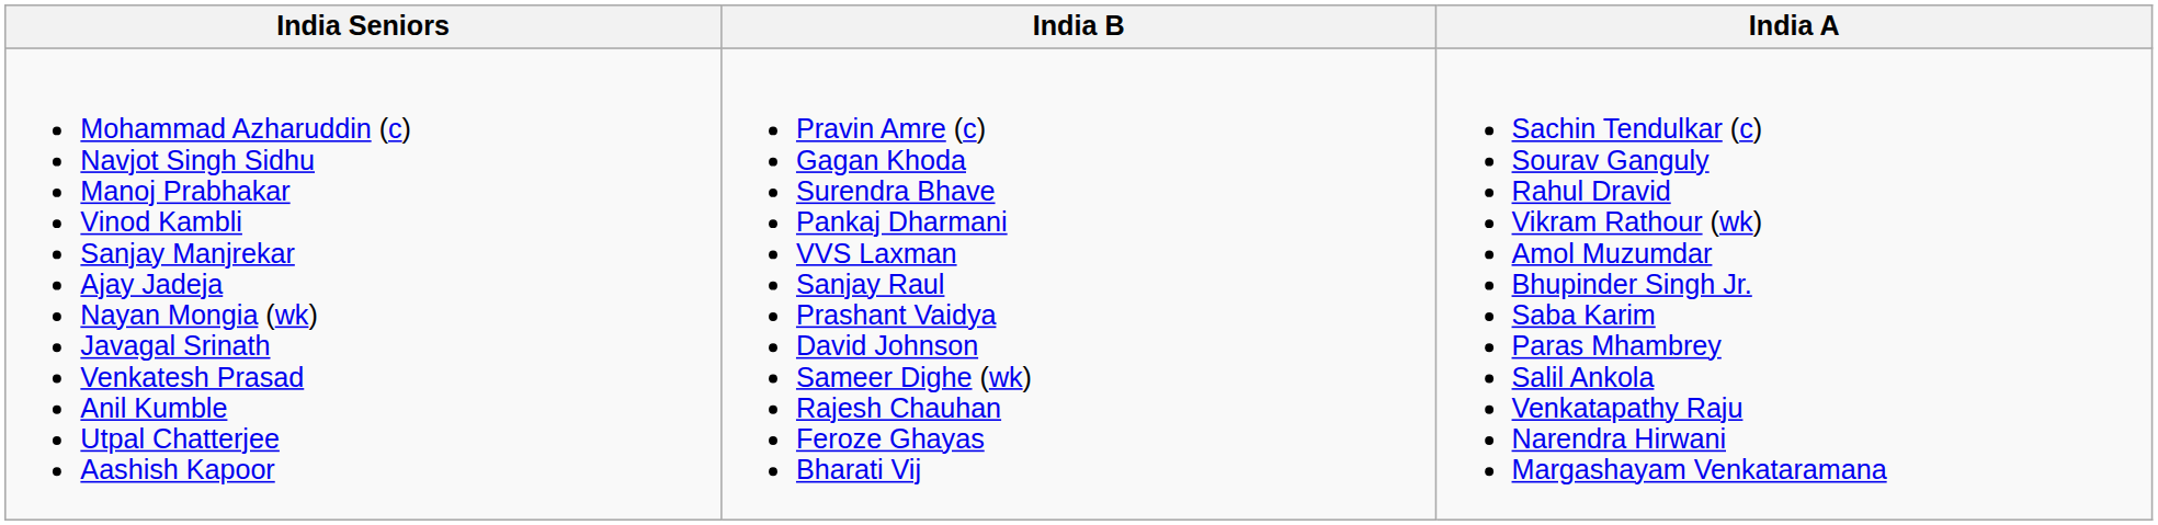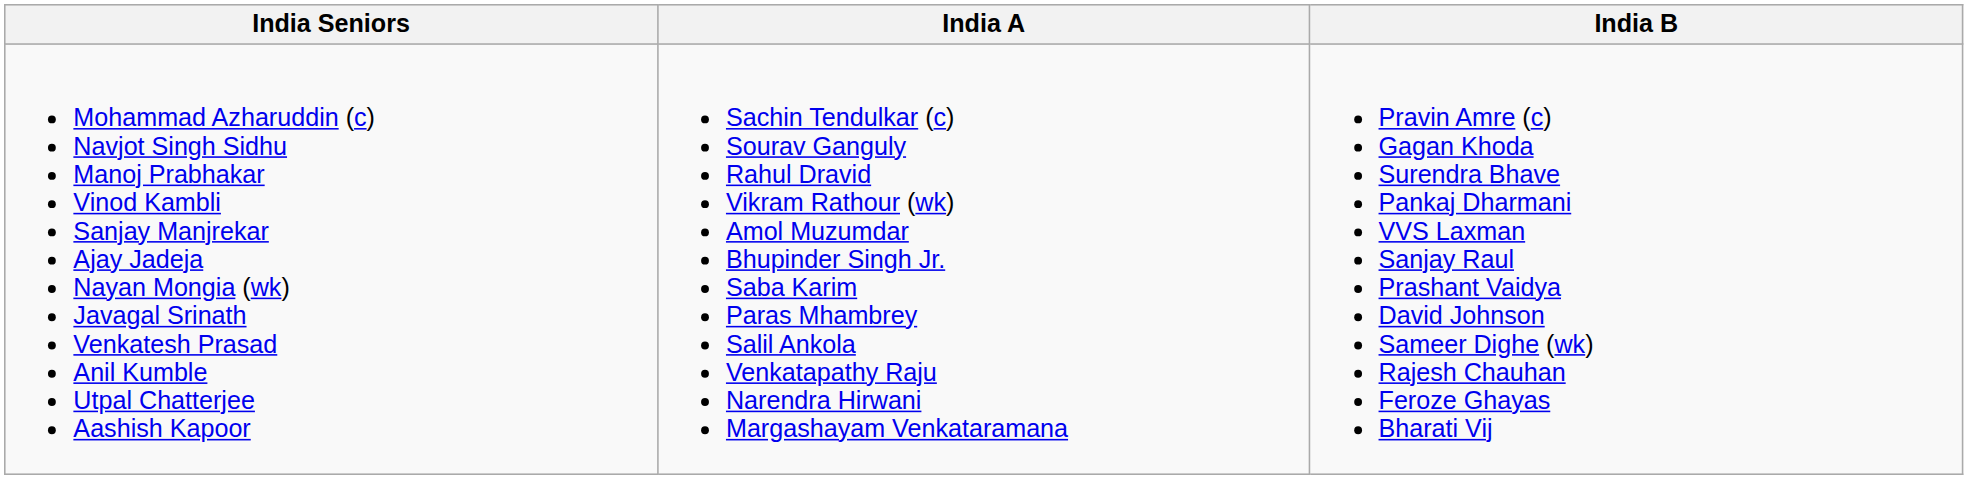 <table class="wikitable">
 <tr>
 <th style="width:15%;"> India Seniors </th>
+<th style="width:15%;"> India A </th>
 <th style="width:15%;"> India B </th>
-<th style="width:15%;"> India A </th>
 </tr>
 <tr style="vertical-align:top">
 <td><br><ul><li><a href='#'>Mohammad Azharuddin</a> (<a href='#'>c</a>)</li><li><a href='#'>Navjot Singh Sidhu</a></li><li><a href='#'>Manoj Prabhakar</a></li><li><a href='#'>Vinod Kambli</a></li><li><a href='#'>Sanjay Manjrekar</a></li><li><a href='#'>Ajay Jadeja</a></li><li><a href='#'>Nayan Mongia</a> (<a href='#'>wk</a>)</li><li><a href='#'>Javagal Srinath</a></li><li><a href='#'>Venkatesh Prasad</a></li><li><a href='#'>Anil Kumble</a></li><li><a href='#'>Utpal Chatterjee</a></li><li><a href='#'>Aashish Kapoor</a></li></ul></td>
+<td><br><ul><li><a href='#'>Sachin Tendulkar</a> (<a href='#'>c</a>)</li><li><a href='#'>Sourav Ganguly</a></li><li><a href='#'>Rahul Dravid</a></li><li><a href='#'>Vikram Rathour</a> (<a href='#'>wk</a>)</li><li><a href='#'>Amol Muzumdar</a></li><li><a href='#'>Bhupinder Singh Jr.</a></li><li><a href='#'>Saba Karim</a></li><li><a href='#'>Paras Mhambrey</a></li><li><a href='#'>Salil Ankola</a></li><li><a href='#'>Venkatapathy Raju</a></li><li><a href='#'>Narendra Hirwani</a></li><li><a href='#'>Margashayam Venkataramana</a></li></ul></td>
 <td><br><ul><li><a href='#'>Pravin Amre</a> (<a href='#'>c</a>)</li><li><a href='#'>Gagan Khoda</a></li><li><a href='#'>Surendra Bhave</a></li><li><a href='#'>Pankaj Dharmani</a></li><li><a href='#'>VVS Laxman</a></li><li><a href='#'>Sanjay Raul</a></li><li><a href='#'>Prashant Vaidya</a></li><li><a href='#'>David Johnson</a></li><li><a href='#'>Sameer Dighe</a> (<a href='#'>wk</a>)</li><li><a href='#'>Rajesh Chauhan</a></li><li><a href='#'>Feroze Ghayas</a></li><li><a href='#'>Bharati Vij</a></li></ul></td>
-<td><br><ul><li><a href='#'>Sachin Tendulkar</a> (<a href='#'>c</a>)</li><li><a href='#'>Sourav Ganguly</a></li><li><a href='#'>Rahul Dravid</a></li><li><a href='#'>Vikram Rathour</a> (<a href='#'>wk</a>)</li><li><a href='#'>Amol Muzumdar</a></li><li><a href='#'>Bhupinder Singh Jr.</a></li><li><a href='#'>Saba Karim</a></li><li><a href='#'>Paras Mhambrey</a></li><li><a href='#'>Salil Ankola</a></li><li><a href='#'>Venkatapathy Raju</a></li><li><a href='#'>Narendra Hirwani</a></li><li><a href='#'>Margashayam Venkataramana</a></li></ul></td>
 </tr>
 </table>
